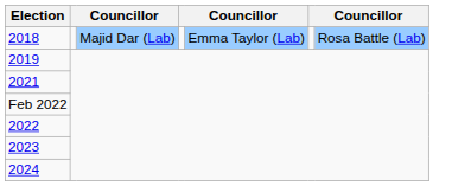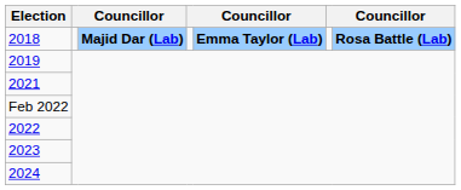 <table class="wikitable">
 <tr>
 <th>Election</th>
 <th colspan="2">Councillor</th>
 <th colspan="2">Councillor</th>
 <th colspan="2">Councillor</th>
 </tr>
 <tr>
 <td><a href='#'>2018</a></td>
 <td style="background-color: "></td>
-<td bgcolor="#99CCFF">Majid Dar (<a href='#'>Lab</a>)</td>
+<td bgcolor="#99CCFF"><strong>Majid Dar (<a href='#'>Lab</a>)</strong></td>
 <td style="background-color: "></td>
-<td bgcolor="#99CCFF">Emma Taylor (<a href='#'>Lab</a>)</td>
+<td bgcolor="#99CCFF"><strong>Emma Taylor (<a href='#'>Lab</a>)</strong></td>
 <td style="background-color: "></td>
-<td bgcolor="#99CCFF">Rosa Battle (<a href='#'>Lab</a>)</td>
+<td bgcolor="#99CCFF"><strong>Rosa Battle (<a href='#'>Lab</a>)</strong></td>
 </tr>
 <tr>
 <td><a href='#'>2019</a><br>  </td>
 </tr>
 <tr>
 <td><a href='#'>2021</a><br>  </td>
 </tr>
 <tr>
 <td>Feb 2022<br>  </td>
 </tr>
 <tr>
 <td><a href='#'>2022</a><br>  </td>
 </tr>
 <tr>
 <td><a href='#'>2023</a><br>  </td>
 </tr>
 <tr>
 <td><a href='#'>2024</a><br>  </td>
 </tr>
 </table>
